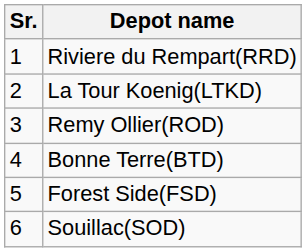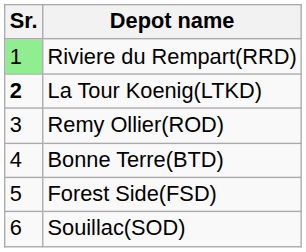 <table class="wikitable">
 <tr>
 <th>Sr.</th>
 <th>Depot name</th>
 </tr>
 <tr>
-<td>1</td>
+<td style="background: lightgreen;">1</td>
 <td>Riviere du Rempart(RRD)</td>
 </tr>
 <tr>
-<td>2</td>
+<td><strong>2</strong></td>
 <td>La Tour Koenig(LTKD)</td>
 </tr>
 <tr>
 <td>3</td>
 <td>Remy Ollier(ROD)</td>
 </tr>
 <tr>
 <td>4</td>
 <td>Bonne Terre(BTD)</td>
 </tr>
 <tr>
 <td>5</td>
 <td>Forest Side(FSD)</td>
 </tr>
 <tr>
 <td>6</td>
 <td>Souillac(SOD)</td>
 </tr>
 </table>
